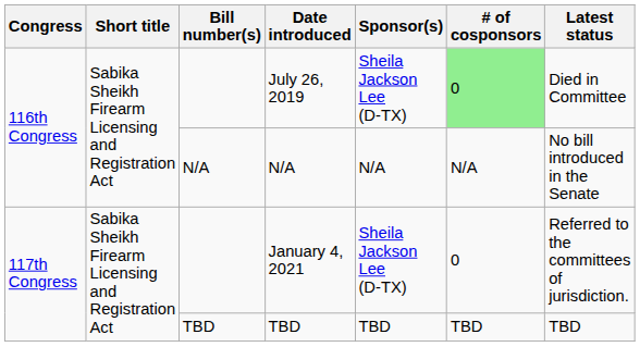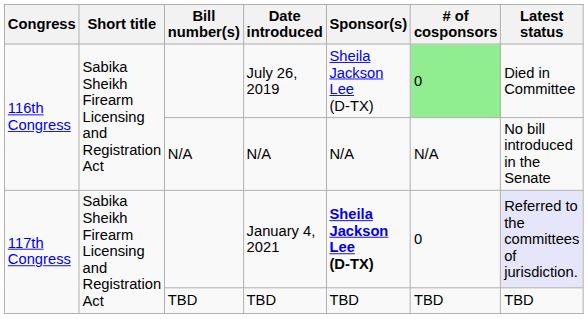 <table class="wikitable">
 <tr>
 <th>Congress</th>
 <th>Short title</th>
 <th>Bill number(s)</th>
 <th>Date introduced</th>
 <th>Sponsor(s)</th>
 <th># of cosponsors</th>
 <th>Latest status</th>
 </tr>
 <tr>
 <td rowspan="2"><a href='#'>116th Congress</a></td>
 <td rowspan="2">Sabika Sheikh Firearm Licensing and Registration Act</td>
 <td></td>
 <td>July 26, 2019</td>
 <td><a href='#'>Sheila Jackson Lee</a><br>(D-TX)</td>
 <td style="background: lightgreen;">0</td>
 <td>Died in Committee</td>
 </tr>
 <tr>
 <td>N/A</td>
 <td>N/A</td>
 <td>N/A</td>
 <td>N/A</td>
 <td>No bill introduced in the Senate</td>
 </tr>
 <tr>
 <td rowspan="2"><a href='#'>117th Congress</a></td>
 <td rowspan="2">Sabika Sheikh Firearm Licensing and Registration Act</td>
 <td></td>
 <td>January 4, 2021</td>
-<td><a href='#'>Sheila Jackson Lee</a><br>(D-TX)</td>
+<td><strong><a href='#'>Sheila Jackson Lee</a><br>(D-TX)</strong></td>
 <td>0</td>
-<td>Referred to the committees of jurisdiction.</td>
+<td style="background: lavender;">Referred to the committees of jurisdiction.</td>
 </tr>
 <tr>
 <td>TBD</td>
 <td>TBD</td>
 <td>TBD</td>
 <td>TBD</td>
 <td>TBD</td>
 </tr>
 </table>
